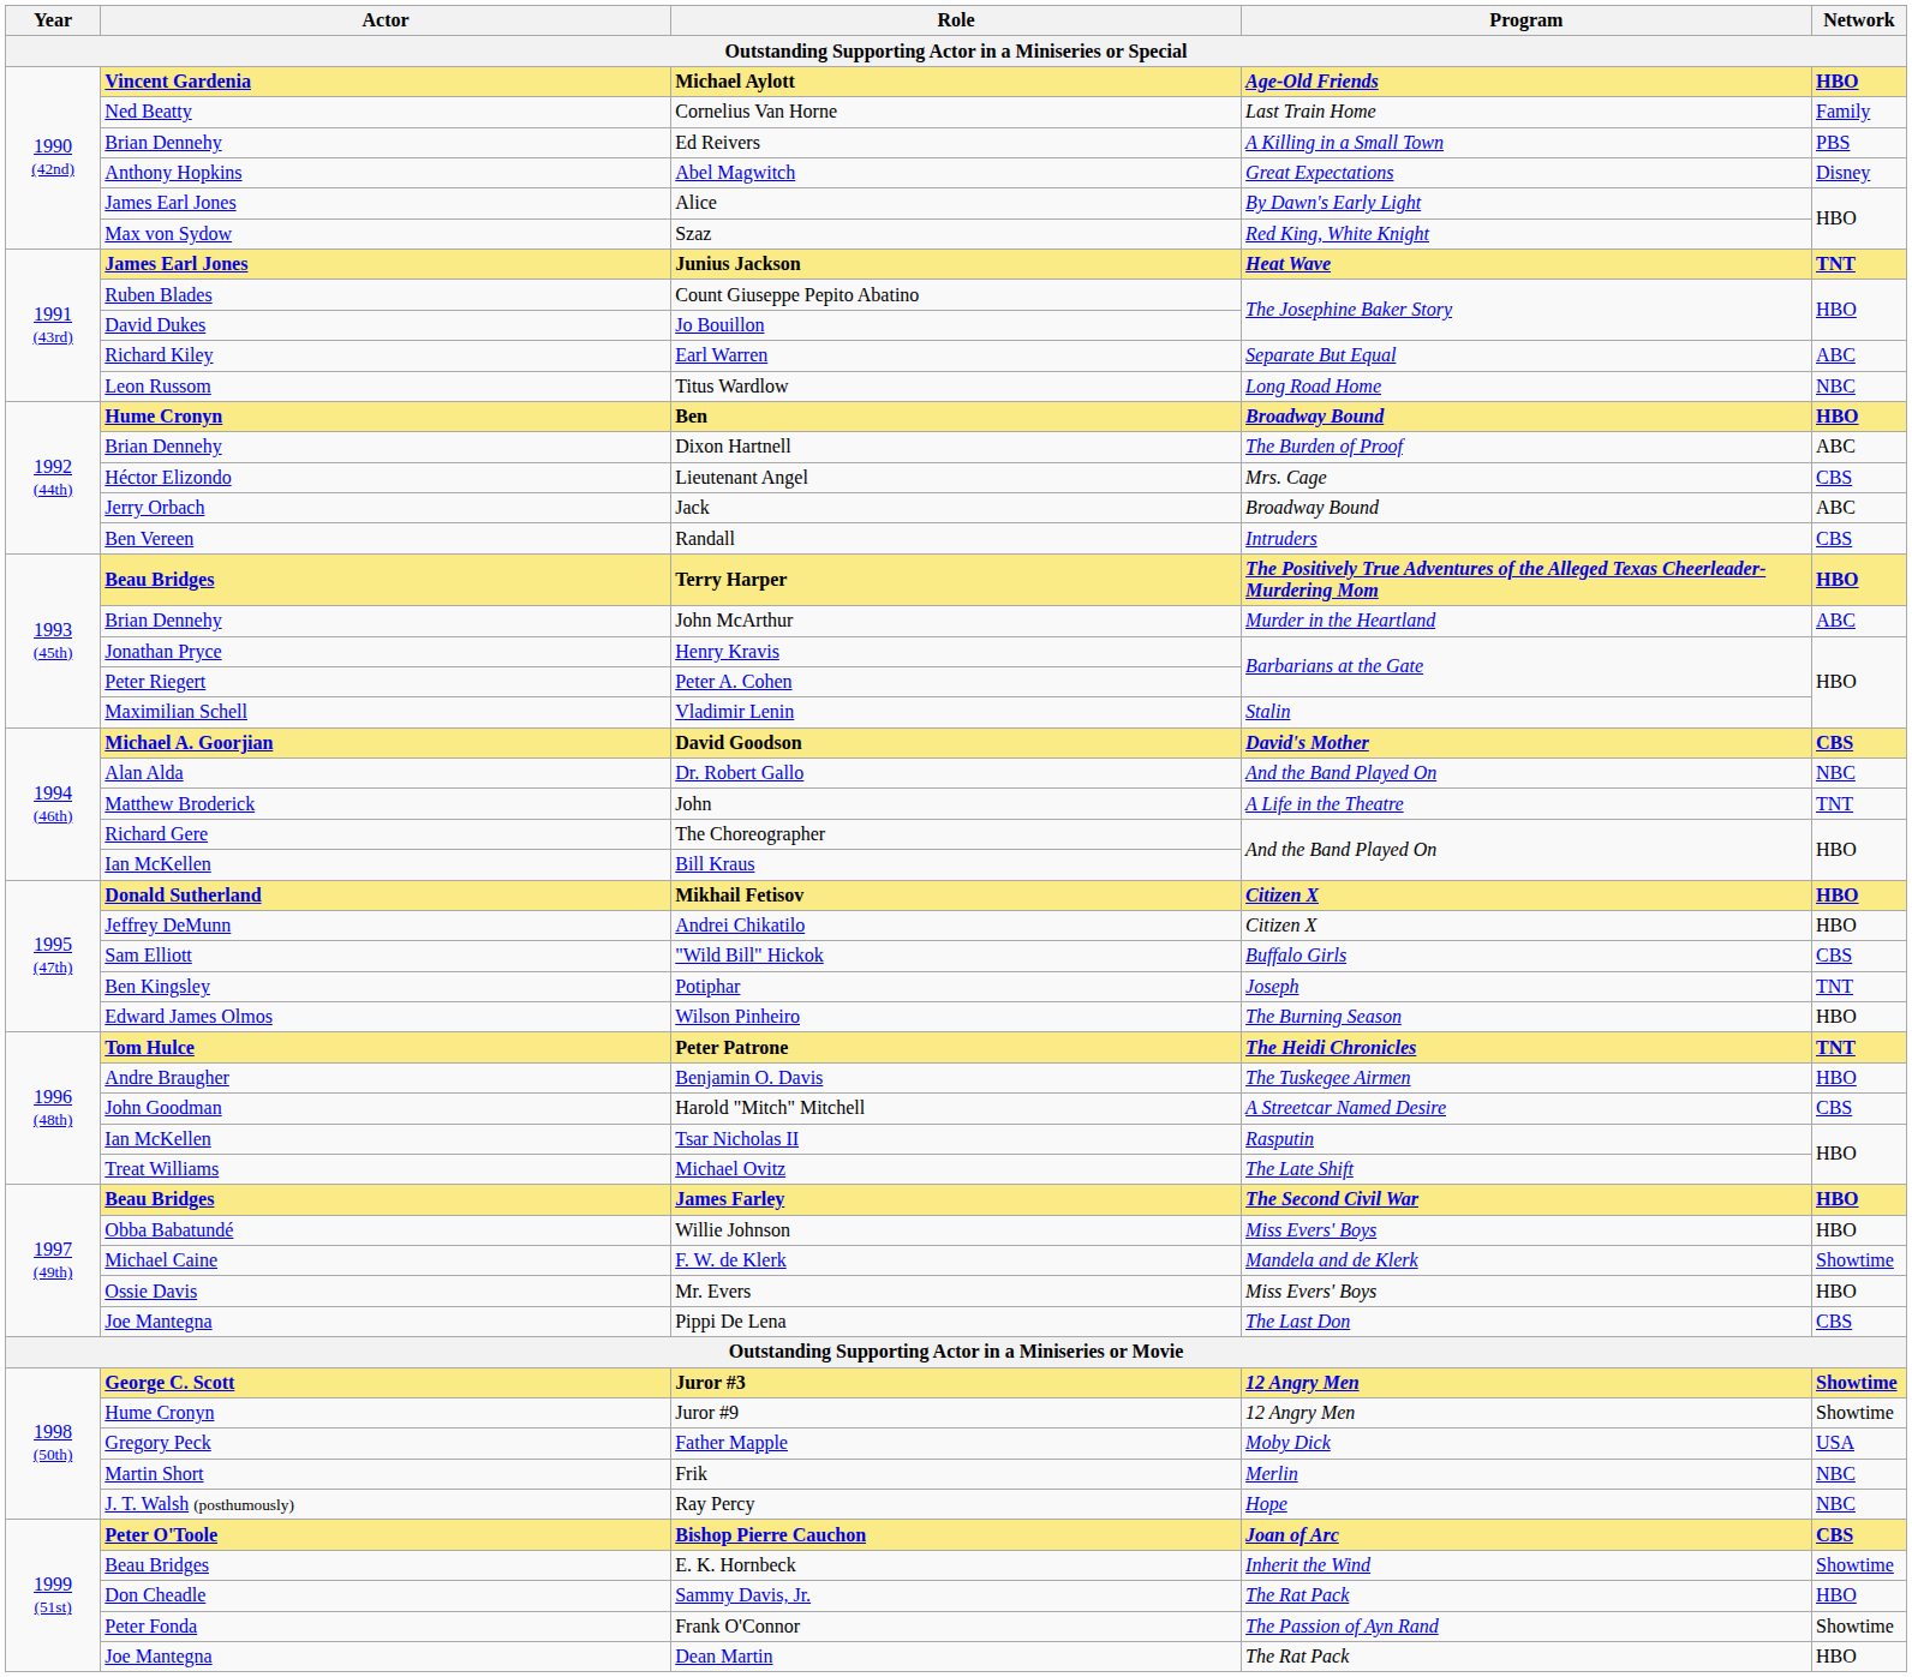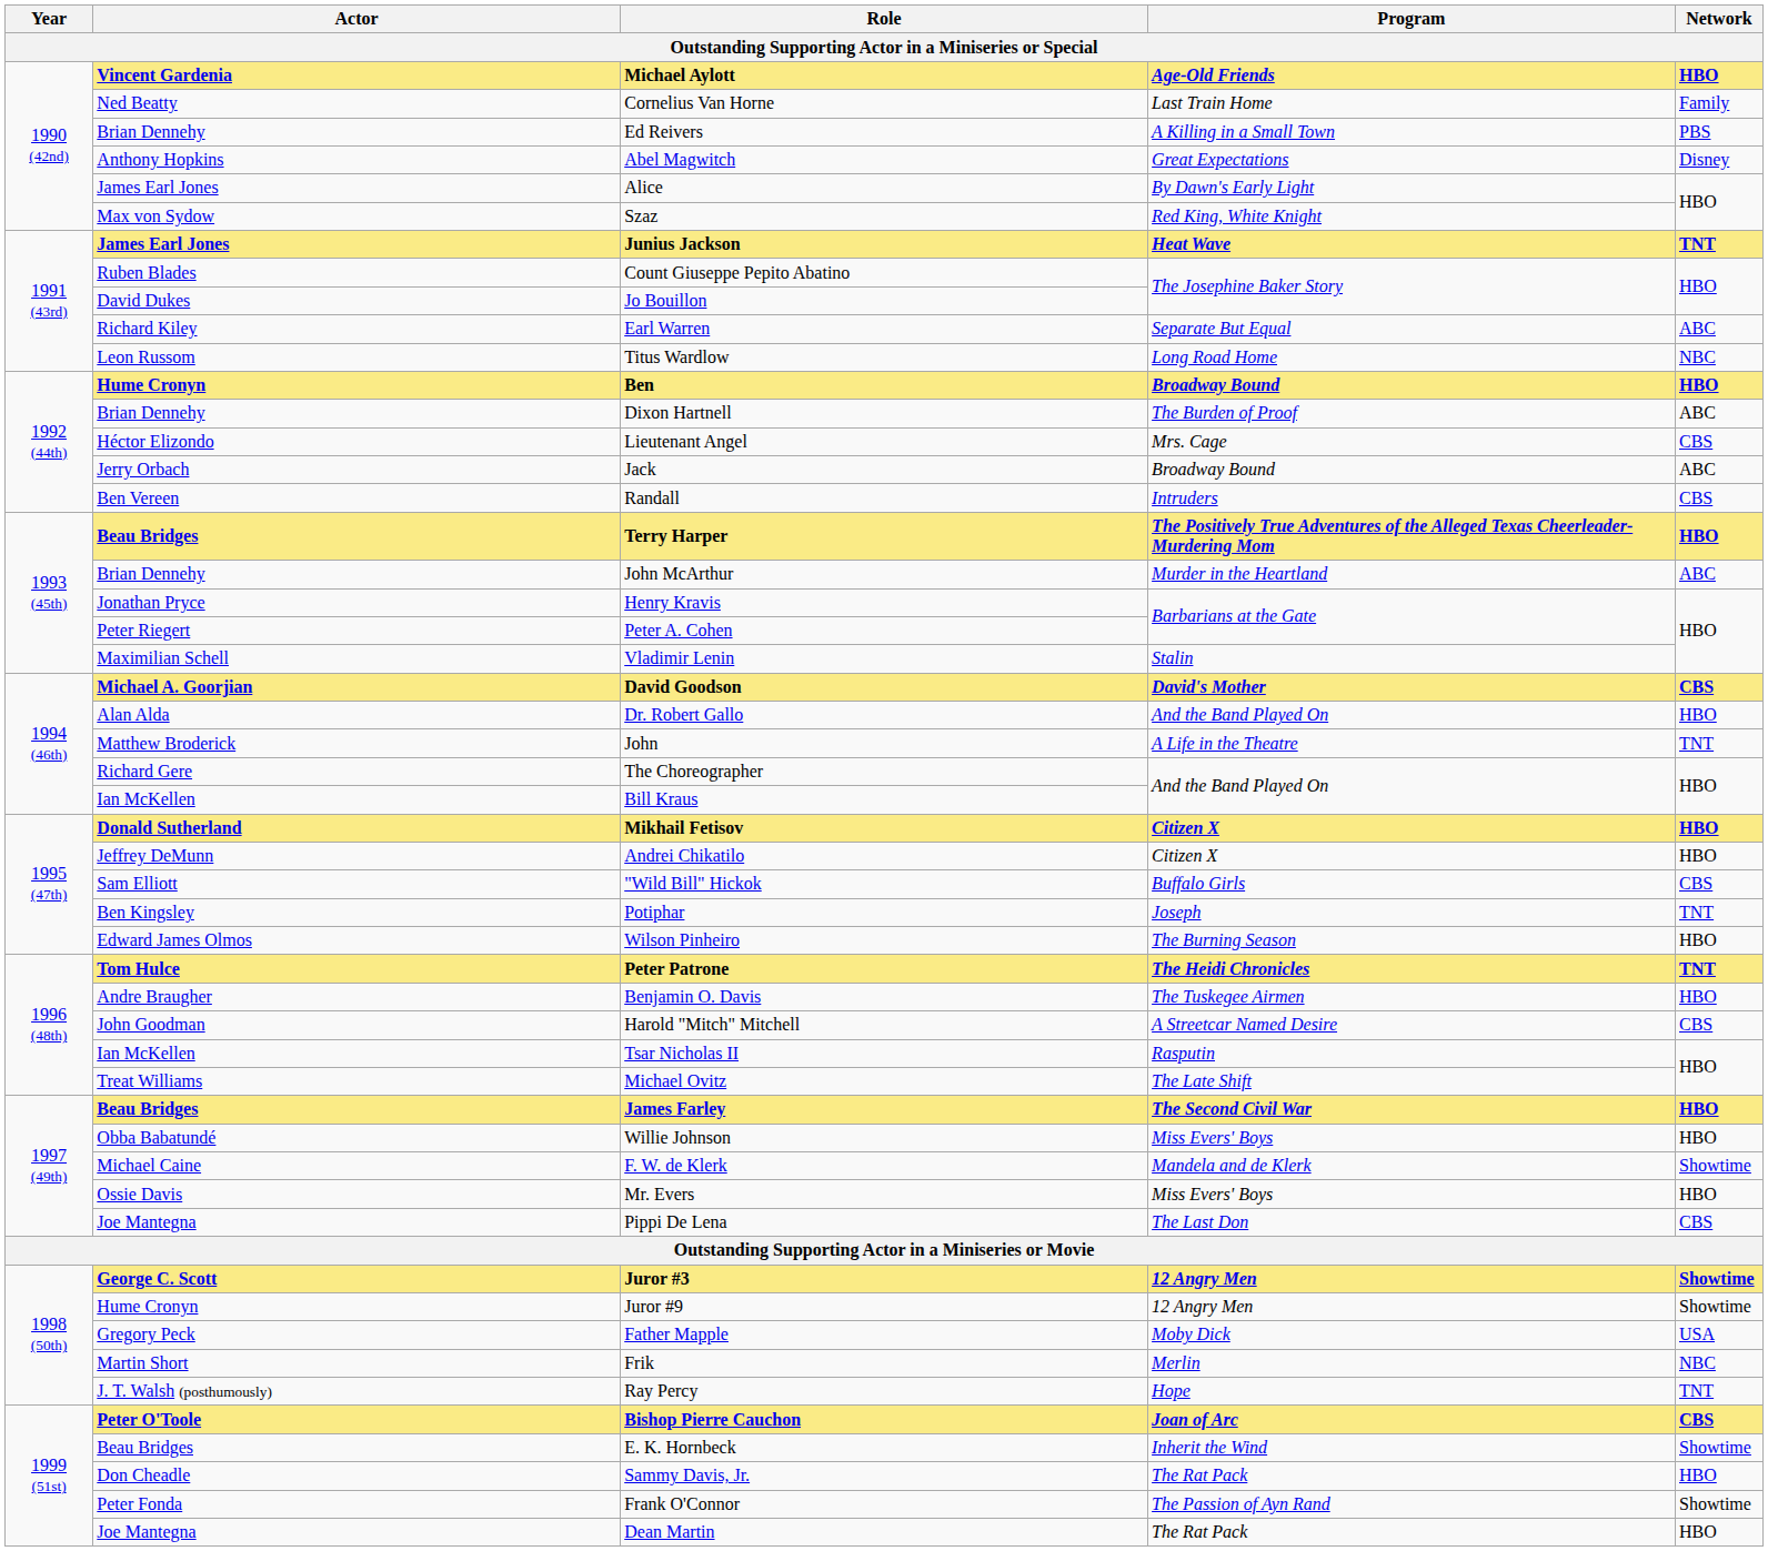 <table class="wikitable" style="width:100%">
 <tr bgcolor="#bebebe">
 <th width="5%">Year</th>
 <th width="30%">Actor</th>
 <th width="30%">Role</th>
 <th width="30%">Program</th>
 <th width="5%">Network</th>
 </tr>
 <tr>
 <th colspan=5>Outstanding Supporting Actor in a Miniseries or Special</th>
 </tr>
 <tr>
 <td rowspan=7 style="text-align:center"><a href='#'>1990</a><br><small><a href='#'>(42nd)</a></small></td>
 </tr>
 <tr style="background:#FAEB86;">
 <td><strong><a href='#'>Vincent Gardenia</a></strong></td>
 <td><strong>Michael Aylott</strong></td>
 <td><strong><em><a href='#'>Age-Old Friends</a></em></strong></td>
 <td><strong><a href='#'>HBO</a></strong></td>
 </tr>
 <tr>
 <td><a href='#'>Ned Beatty</a></td>
 <td>Cornelius Van Horne</td>
 <td><em>Last Train Home</em></td>
 <td><a href='#'>Family</a></td>
 </tr>
 <tr>
 <td><a href='#'>Brian Dennehy</a></td>
 <td>Ed Reivers</td>
 <td><em><a href='#'>A Killing in a Small Town</a></em></td>
 <td><a href='#'>PBS</a></td>
 </tr>
 <tr>
 <td><a href='#'>Anthony Hopkins</a></td>
 <td><a href='#'>Abel Magwitch</a></td>
 <td><em><a href='#'>Great Expectations</a></em></td>
 <td><a href='#'>Disney</a></td>
 </tr>
 <tr>
 <td><a href='#'>James Earl Jones</a></td>
 <td>Alice</td>
 <td><em><a href='#'>By Dawn's Early Light</a></em></td>
 <td rowspan=2>HBO</td>
 </tr>
 <tr>
 <td><a href='#'>Max von Sydow</a></td>
 <td>Szaz</td>
 <td><em><a href='#'>Red King, White Knight</a></em></td>
 </tr>
 <tr>
 <td rowspan=6 style="text-align:center"><a href='#'>1991</a><br><small><a href='#'>(43rd)</a></small></td>
 </tr>
 <tr style="background:#FAEB86;">
 <td><strong><a href='#'>James Earl Jones</a></strong></td>
 <td><strong>Junius Jackson</strong></td>
 <td><strong><em><a href='#'>Heat Wave</a></em></strong></td>
 <td><strong><a href='#'>TNT</a></strong></td>
 </tr>
 <tr>
 <td><a href='#'>Ruben Blades</a></td>
 <td>Count Giuseppe Pepito Abatino</td>
 <td rowspan=2><em><a href='#'>The Josephine Baker Story</a></em></td>
 <td rowspan=2><a href='#'>HBO</a></td>
 </tr>
 <tr>
 <td><a href='#'>David Dukes</a></td>
 <td><a href='#'>Jo Bouillon</a></td>
 </tr>
 <tr>
 <td><a href='#'>Richard Kiley</a></td>
 <td><a href='#'>Earl Warren</a></td>
 <td><em><a href='#'>Separate But Equal</a></em></td>
 <td><a href='#'>ABC</a></td>
 </tr>
 <tr>
 <td><a href='#'>Leon Russom</a></td>
 <td>Titus Wardlow</td>
 <td><em><a href='#'>Long Road Home</a></em></td>
 <td><a href='#'>NBC</a></td>
 </tr>
 <tr>
 <td rowspan=6 style="text-align:center"><a href='#'>1992</a><br><small><a href='#'>(44th)</a></small></td>
 </tr>
 <tr style="background:#FAEB86;">
 <td><strong><a href='#'>Hume Cronyn</a></strong></td>
 <td><strong>Ben</strong></td>
 <td><strong><em><a href='#'>Broadway Bound</a></em></strong></td>
 <td><strong><a href='#'>HBO</a></strong></td>
 </tr>
 <tr>
 <td><a href='#'>Brian Dennehy</a></td>
 <td>Dixon Hartnell</td>
 <td><em><a href='#'>The Burden of Proof</a></em></td>
 <td>ABC</td>
 </tr>
 <tr>
 <td><a href='#'>Héctor Elizondo</a></td>
 <td>Lieutenant Angel</td>
 <td><em>Mrs. Cage</em></td>
 <td><a href='#'>CBS</a></td>
 </tr>
 <tr>
 <td><a href='#'>Jerry Orbach</a></td>
 <td>Jack</td>
 <td><em>Broadway Bound</em></td>
 <td>ABC</td>
 </tr>
 <tr>
 <td><a href='#'>Ben Vereen</a></td>
 <td>Randall</td>
 <td><em><a href='#'>Intruders</a></em></td>
 <td><a href='#'>CBS</a></td>
 </tr>
 <tr>
 <td rowspan=6 style="text-align:center"><a href='#'>1993</a><br><small><a href='#'>(45th)</a></small></td>
 </tr>
 <tr style="background:#FAEB86;">
 <td><strong><a href='#'>Beau Bridges</a></strong></td>
 <td><strong>Terry Harper</strong></td>
 <td><strong><em><a href='#'>The Positively True Adventures of the Alleged Texas Cheerleader-Murdering Mom</a></em></strong></td>
 <td><strong><a href='#'>HBO</a></strong></td>
 </tr>
 <tr>
 <td><a href='#'>Brian Dennehy</a></td>
 <td>John McArthur</td>
 <td><em><a href='#'>Murder in the Heartland</a></em></td>
 <td><a href='#'>ABC</a></td>
 </tr>
 <tr>
 <td><a href='#'>Jonathan Pryce</a></td>
 <td><a href='#'>Henry Kravis</a></td>
 <td rowspan=2><em><a href='#'>Barbarians at the Gate</a></em></td>
 <td rowspan=3>HBO</td>
 </tr>
 <tr>
 <td><a href='#'>Peter Riegert</a></td>
 <td><a href='#'>Peter A. Cohen</a></td>
 </tr>
 <tr>
 <td><a href='#'>Maximilian Schell</a></td>
 <td><a href='#'>Vladimir Lenin</a></td>
 <td><em><a href='#'>Stalin</a></em></td>
 </tr>
 <tr>
 <td rowspan=6 style="text-align:center"><a href='#'>1994</a><br><small><a href='#'>(46th)</a></small></td>
 </tr>
 <tr style="background:#FAEB86;">
 <td><strong><a href='#'>Michael A. Goorjian</a></strong></td>
 <td><strong>David Goodson</strong></td>
 <td><strong><em><a href='#'>David's Mother</a></em></strong></td>
 <td><strong><a href='#'>CBS</a></strong></td>
 </tr>
 <tr>
 <td><a href='#'>Alan Alda</a></td>
 <td><a href='#'>Dr. Robert Gallo</a></td>
 <td><em><a href='#'>And the Band Played On</a></em></td>
-<td><a href='#'>NBC</a></td>
+<td><a href='#'>HBO</a></td>
 </tr>
 <tr>
 <td><a href='#'>Matthew Broderick</a></td>
 <td>John</td>
 <td><em><a href='#'>A Life in the Theatre</a></em></td>
 <td><a href='#'>TNT</a></td>
 </tr>
 <tr>
 <td><a href='#'>Richard Gere</a></td>
 <td>The Choreographer</td>
 <td rowspan="2"><em>And the Band Played On</em></td>
 <td rowspan="2">HBO</td>
 </tr>
 <tr>
 <td><a href='#'>Ian McKellen</a></td>
 <td><a href='#'>Bill Kraus</a></td>
 </tr>
 <tr>
 <td rowspan=6 style="text-align:center"><a href='#'>1995</a><br><small><a href='#'>(47th)</a></small></td>
 </tr>
 <tr style="background:#FAEB86;">
 <td><strong><a href='#'>Donald Sutherland</a></strong></td>
 <td><strong>Mikhail Fetisov</strong></td>
 <td><strong><em><a href='#'>Citizen X</a></em></strong></td>
 <td><strong><a href='#'>HBO</a></strong></td>
 </tr>
 <tr>
 <td><a href='#'>Jeffrey DeMunn</a></td>
 <td><a href='#'>Andrei Chikatilo</a></td>
 <td><em>Citizen X</em></td>
 <td>HBO</td>
 </tr>
 <tr>
 <td><a href='#'>Sam Elliott</a></td>
 <td><a href='#'>"Wild Bill" Hickok</a></td>
 <td><em><a href='#'>Buffalo Girls</a></em></td>
 <td><a href='#'>CBS</a></td>
 </tr>
 <tr>
 <td><a href='#'>Ben Kingsley</a></td>
 <td><a href='#'>Potiphar</a></td>
 <td><em><a href='#'>Joseph</a></em></td>
 <td><a href='#'>TNT</a></td>
 </tr>
 <tr>
 <td><a href='#'>Edward James Olmos</a></td>
 <td><a href='#'>Wilson Pinheiro</a></td>
 <td><em><a href='#'>The Burning Season</a></em></td>
 <td>HBO</td>
 </tr>
 <tr>
 <td rowspan=6 style="text-align:center"><a href='#'>1996</a><br><small><a href='#'>(48th)</a></small></td>
 </tr>
 <tr style="background:#FAEB86;">
 <td><strong><a href='#'>Tom Hulce</a></strong></td>
 <td><strong>Peter Patrone</strong></td>
 <td><strong><em><a href='#'>The Heidi Chronicles</a></em></strong></td>
 <td><strong><a href='#'>TNT</a></strong></td>
 </tr>
 <tr>
 <td><a href='#'>Andre Braugher</a></td>
 <td><a href='#'>Benjamin O. Davis</a></td>
 <td><em><a href='#'>The Tuskegee Airmen</a></em></td>
 <td><a href='#'>HBO</a></td>
 </tr>
 <tr>
 <td><a href='#'>John Goodman</a></td>
 <td>Harold "Mitch" Mitchell</td>
 <td><em><a href='#'>A Streetcar Named Desire</a></em></td>
 <td><a href='#'>CBS</a></td>
 </tr>
 <tr>
 <td><a href='#'>Ian McKellen</a></td>
 <td><a href='#'>Tsar Nicholas II</a></td>
 <td><em><a href='#'>Rasputin</a></em></td>
 <td rowspan=2>HBO</td>
 </tr>
 <tr>
 <td><a href='#'>Treat Williams</a></td>
 <td><a href='#'>Michael Ovitz</a></td>
 <td><em><a href='#'>The Late Shift</a></em></td>
 </tr>
 <tr>
 <td rowspan=6 style="text-align:center"><a href='#'>1997</a><br><small><a href='#'>(49th)</a></small></td>
 </tr>
 <tr style="background:#FAEB86;">
 <td><strong><a href='#'>Beau Bridges</a></strong></td>
 <td><strong><a href='#'>James Farley</a></strong></td>
 <td><strong><em><a href='#'>The Second Civil War</a></em></strong></td>
 <td><strong><a href='#'>HBO</a></strong></td>
 </tr>
 <tr>
 <td><a href='#'>Obba Babatundé</a></td>
 <td>Willie Johnson</td>
 <td><em><a href='#'>Miss Evers' Boys</a></em></td>
 <td>HBO</td>
 </tr>
 <tr>
 <td><a href='#'>Michael Caine</a></td>
 <td><a href='#'>F. W. de Klerk</a></td>
 <td><em><a href='#'>Mandela and de Klerk</a></em></td>
 <td><a href='#'>Showtime</a></td>
 </tr>
 <tr>
 <td><a href='#'>Ossie Davis</a></td>
 <td>Mr. Evers</td>
 <td><em>Miss Evers' Boys</em></td>
 <td>HBO</td>
 </tr>
 <tr>
 <td><a href='#'>Joe Mantegna</a></td>
 <td>Pippi De Lena</td>
 <td><em><a href='#'>The Last Don</a></em></td>
 <td><a href='#'>CBS</a></td>
 </tr>
 <tr>
 <th colspan=5>Outstanding Supporting Actor in a Miniseries or Movie</th>
 </tr>
 <tr>
 <td rowspan=6 style="text-align:center"><a href='#'>1998</a><br><small><a href='#'>(50th)</a></small></td>
 </tr>
 <tr style="background:#FAEB86;">
 <td><strong><a href='#'>George C. Scott</a></strong></td>
 <td><strong>Juror #3</strong></td>
 <td><strong><em><a href='#'>12 Angry Men</a></em></strong></td>
 <td><strong><a href='#'>Showtime</a></strong></td>
 </tr>
 <tr>
 <td><a href='#'>Hume Cronyn</a></td>
 <td>Juror #9</td>
 <td><em>12 Angry Men</em></td>
 <td>Showtime</td>
 </tr>
 <tr>
 <td><a href='#'>Gregory Peck</a></td>
 <td><a href='#'>Father Mapple</a></td>
 <td><em><a href='#'>Moby Dick</a></em></td>
 <td><a href='#'>USA</a></td>
 </tr>
 <tr>
 <td><a href='#'>Martin Short</a></td>
 <td>Frik</td>
 <td><em><a href='#'>Merlin</a></em></td>
 <td><a href='#'>NBC</a></td>
 </tr>
 <tr>
 <td><a href='#'>J. T. Walsh</a> <small>(posthumously)</small></td>
 <td>Ray Percy</td>
 <td><em><a href='#'>Hope</a></em></td>
-<td><a href='#'>NBC</a></td>
+<td><a href='#'>TNT</a></td>
 </tr>
 <tr>
 <td rowspan=6 style="text-align:center"><a href='#'>1999</a><br><small><a href='#'>(51st)</a></small></td>
 </tr>
 <tr style="background:#FAEB86;">
 <td><strong><a href='#'>Peter O'Toole</a></strong></td>
 <td><strong><a href='#'>Bishop Pierre Cauchon</a></strong></td>
 <td><strong><em><a href='#'>Joan of Arc</a></em></strong></td>
 <td><strong><a href='#'>CBS</a></strong></td>
 </tr>
 <tr>
 <td><a href='#'>Beau Bridges</a></td>
 <td>E. K. Hornbeck</td>
 <td><em><a href='#'>Inherit the Wind</a></em></td>
 <td><a href='#'>Showtime</a></td>
 </tr>
 <tr>
 <td><a href='#'>Don Cheadle</a></td>
 <td><a href='#'>Sammy Davis, Jr.</a></td>
 <td><em><a href='#'>The Rat Pack</a></em></td>
 <td><a href='#'>HBO</a></td>
 </tr>
 <tr>
 <td><a href='#'>Peter Fonda</a></td>
 <td>Frank O'Connor</td>
 <td><em><a href='#'>The Passion of Ayn Rand</a></em></td>
 <td>Showtime</td>
 </tr>
 <tr>
 <td><a href='#'>Joe Mantegna</a></td>
 <td><a href='#'>Dean Martin</a></td>
 <td><em>The Rat Pack</em></td>
 <td>HBO</td>
 </tr>
 </table>
